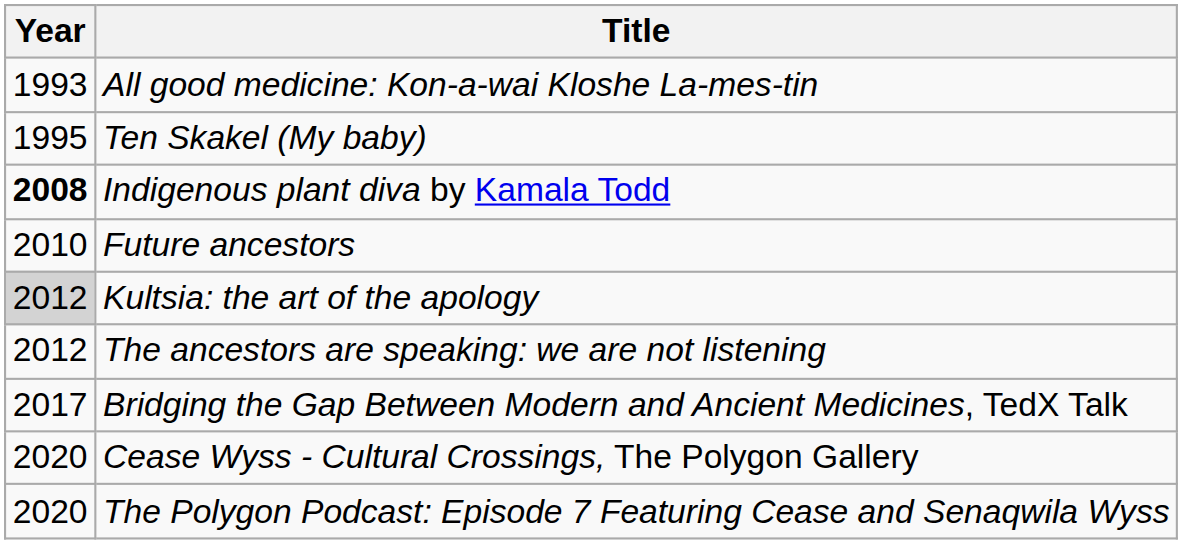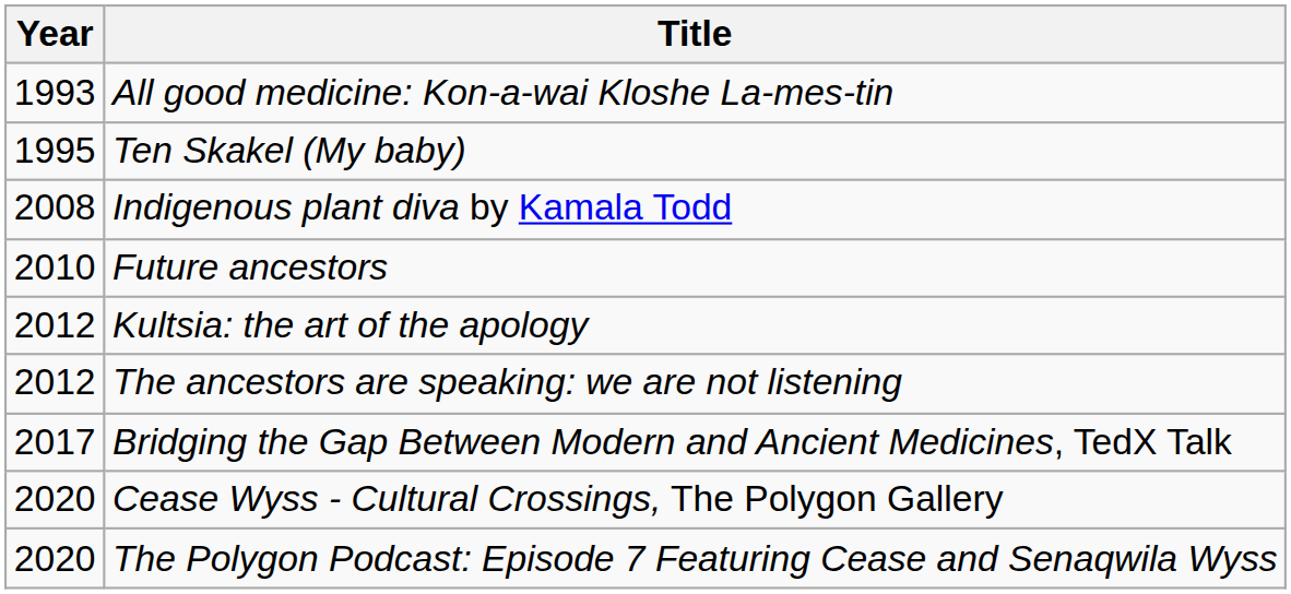 <table class="wikitable">
 <tr>
 <th>Year</th>
 <th>Title</th>
 </tr>
 <tr>
 <td>1993</td>
 <td><em>All good medicine: Kon-a-wai Kloshe La-mes-tin</em></td>
 </tr>
 <tr>
 <td>1995</td>
 <td><em>Ten Skakel (My baby)</em></td>
 </tr>
 <tr>
-<td><strong>2008</strong></td>
+<td>2008</td>
 <td><em>Indigenous plant diva</em> by <a href='#'>Kamala Todd</a></td>
 </tr>
 <tr>
 <td>2010</td>
 <td><em>Future ancestors</em></td>
 </tr>
 <tr>
-<td style="background: lightgrey;">2012</td>
+<td>2012</td>
 <td><em>Kultsia: the art of the apology</em></td>
 </tr>
 <tr>
 <td>2012</td>
 <td><em>The ancestors are speaking: we are not listening</em></td>
 </tr>
 <tr>
 <td>2017</td>
 <td><em>Bridging the Gap Between Modern and Ancient Medicines</em>, TedX Talk</td>
 </tr>
 <tr>
 <td>2020</td>
 <td><em>Cease Wyss - Cultural Crossings,</em> The Polygon Gallery</td>
 </tr>
 <tr>
 <td>2020</td>
 <td><em>The Polygon Podcast: Episode 7 Featuring Cease and Senaqwila Wyss</em></td>
 </tr>
 </table>
